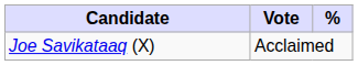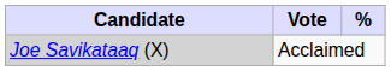 <table class="wikitable">
 <tr>
 <th style="background:#ddf; width:220px;">Candidate</th>
 <th style="background:#ddf; width:50px;">Vote</th>
 <th style="background:#ddf; width:30px;">%</th>
 </tr>
 <tr>
-<td><em><a href='#'>Joe Savikataaq</a></em> (X)</td>
+<td style="background: lightgrey;"><em><a href='#'>Joe Savikataaq</a></em> (X)</td>
 <td colspan="2">Acclaimed</td>
 </tr>
 </table>
